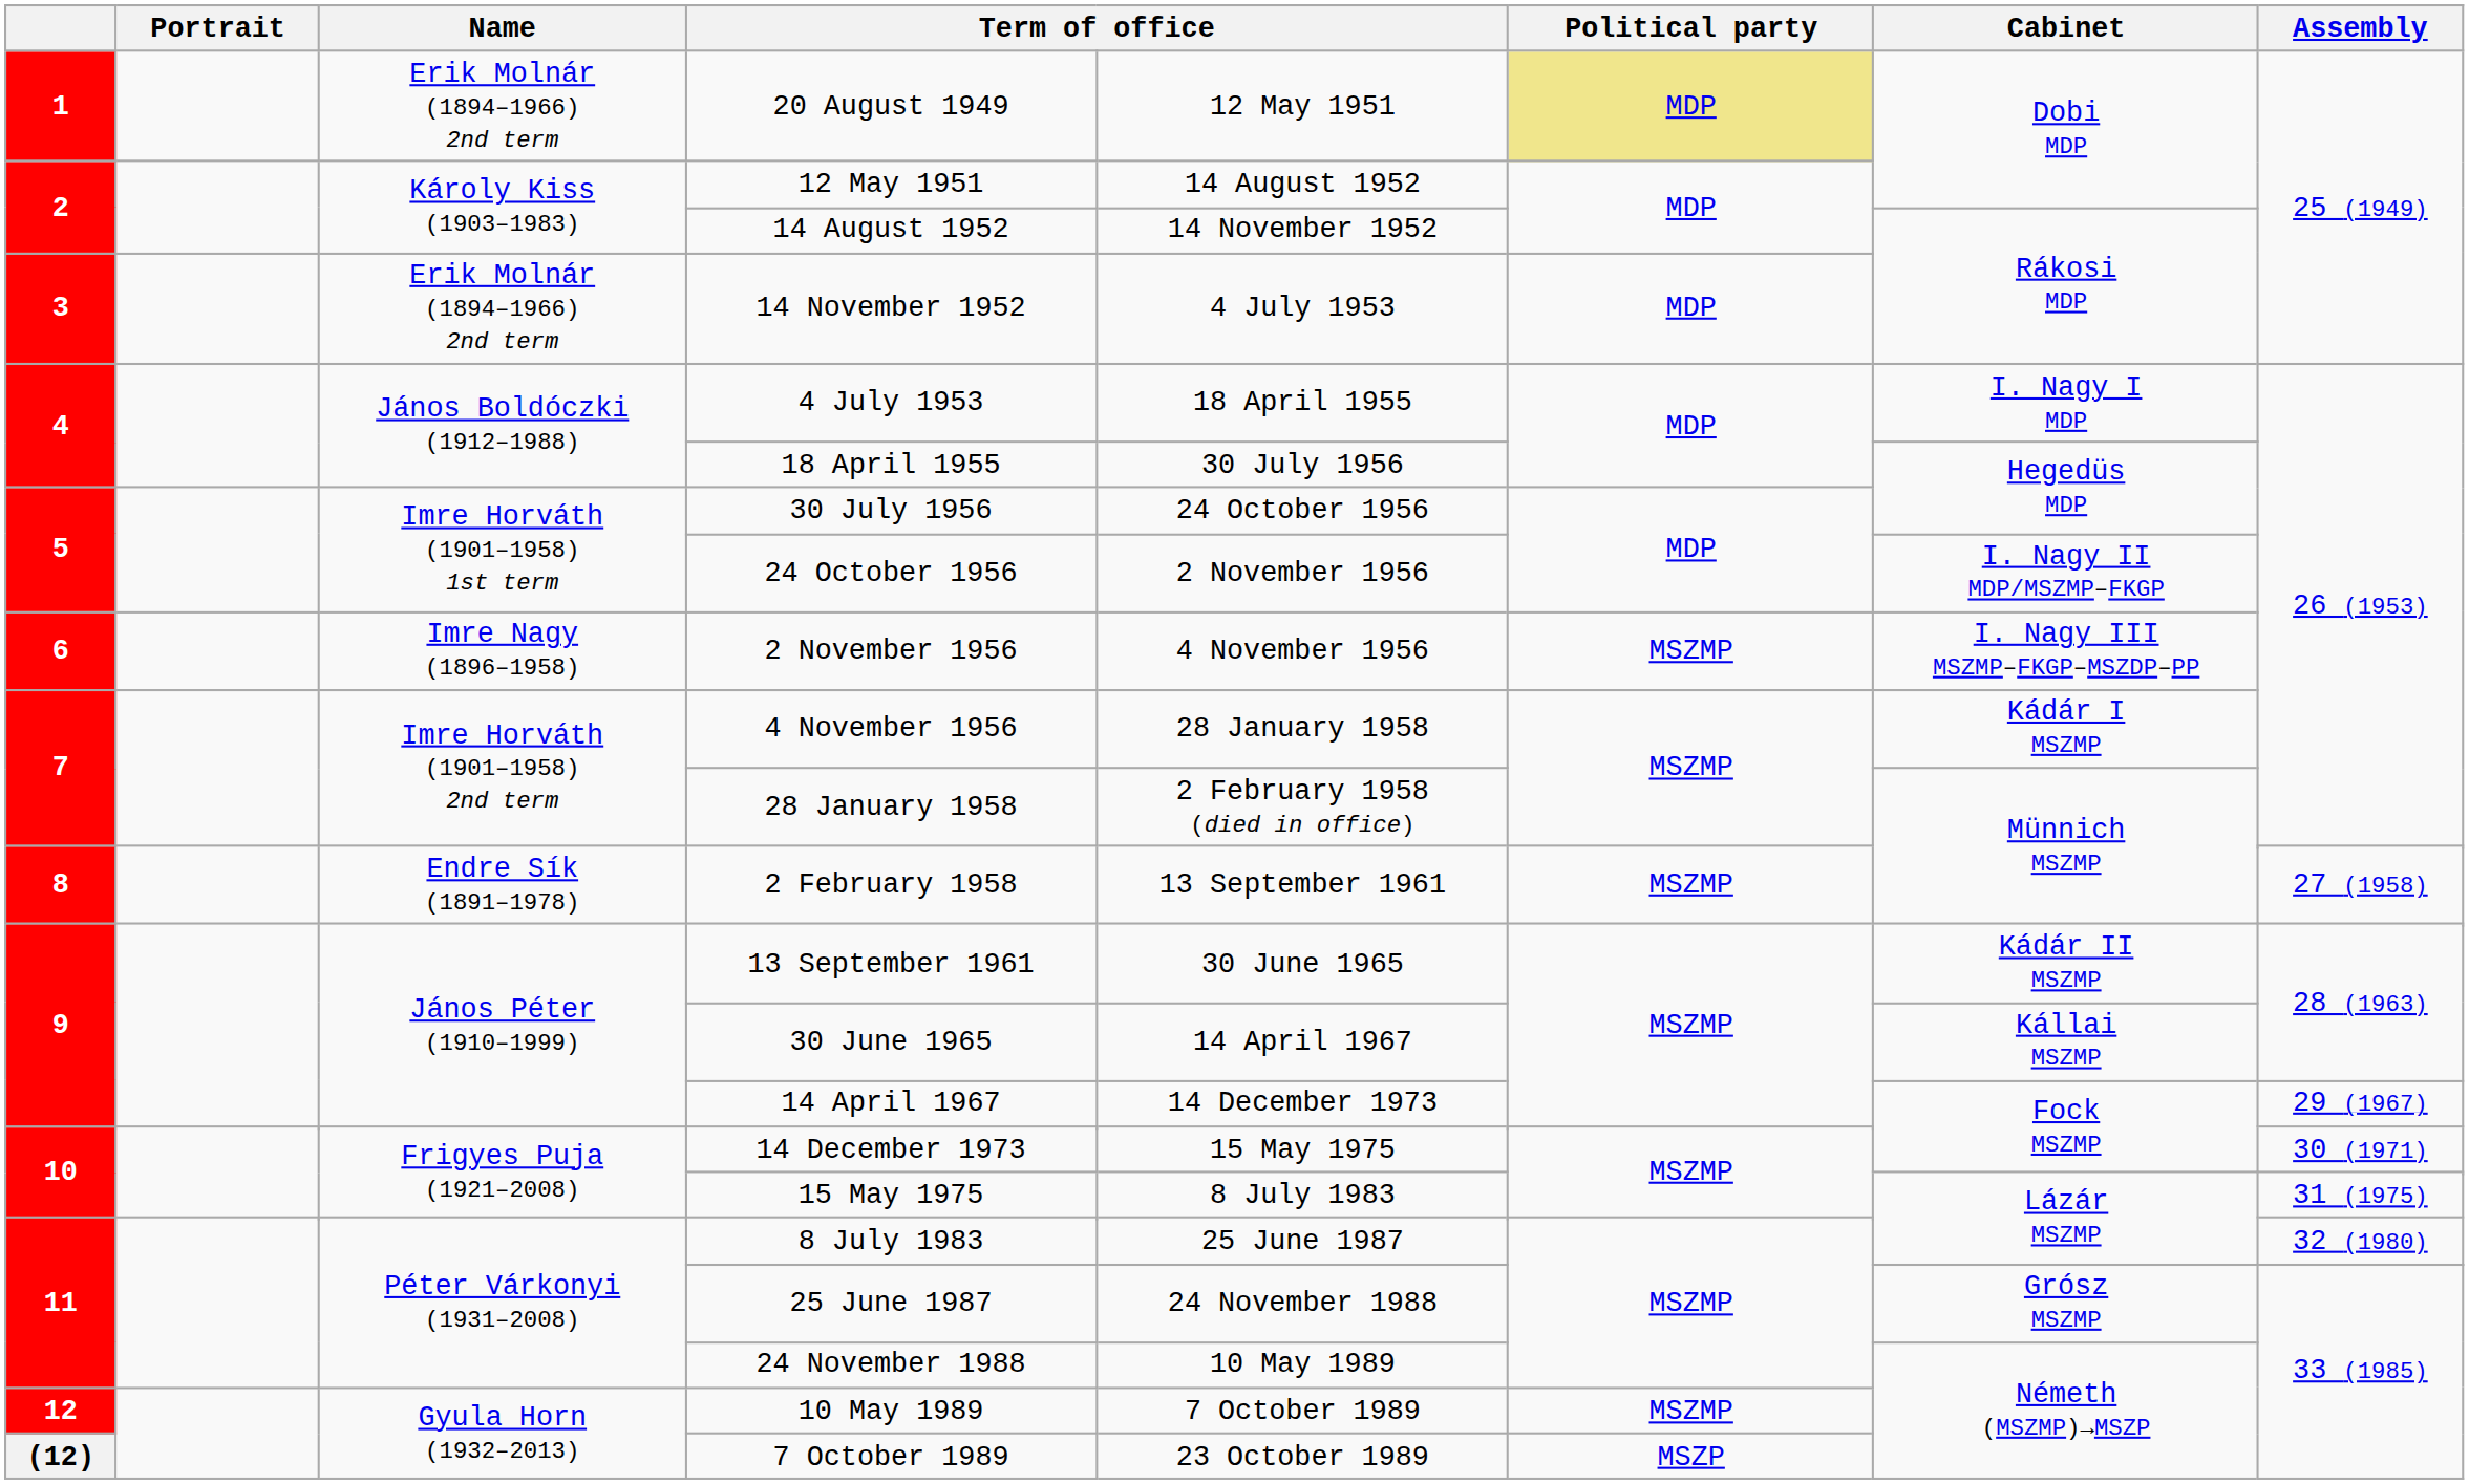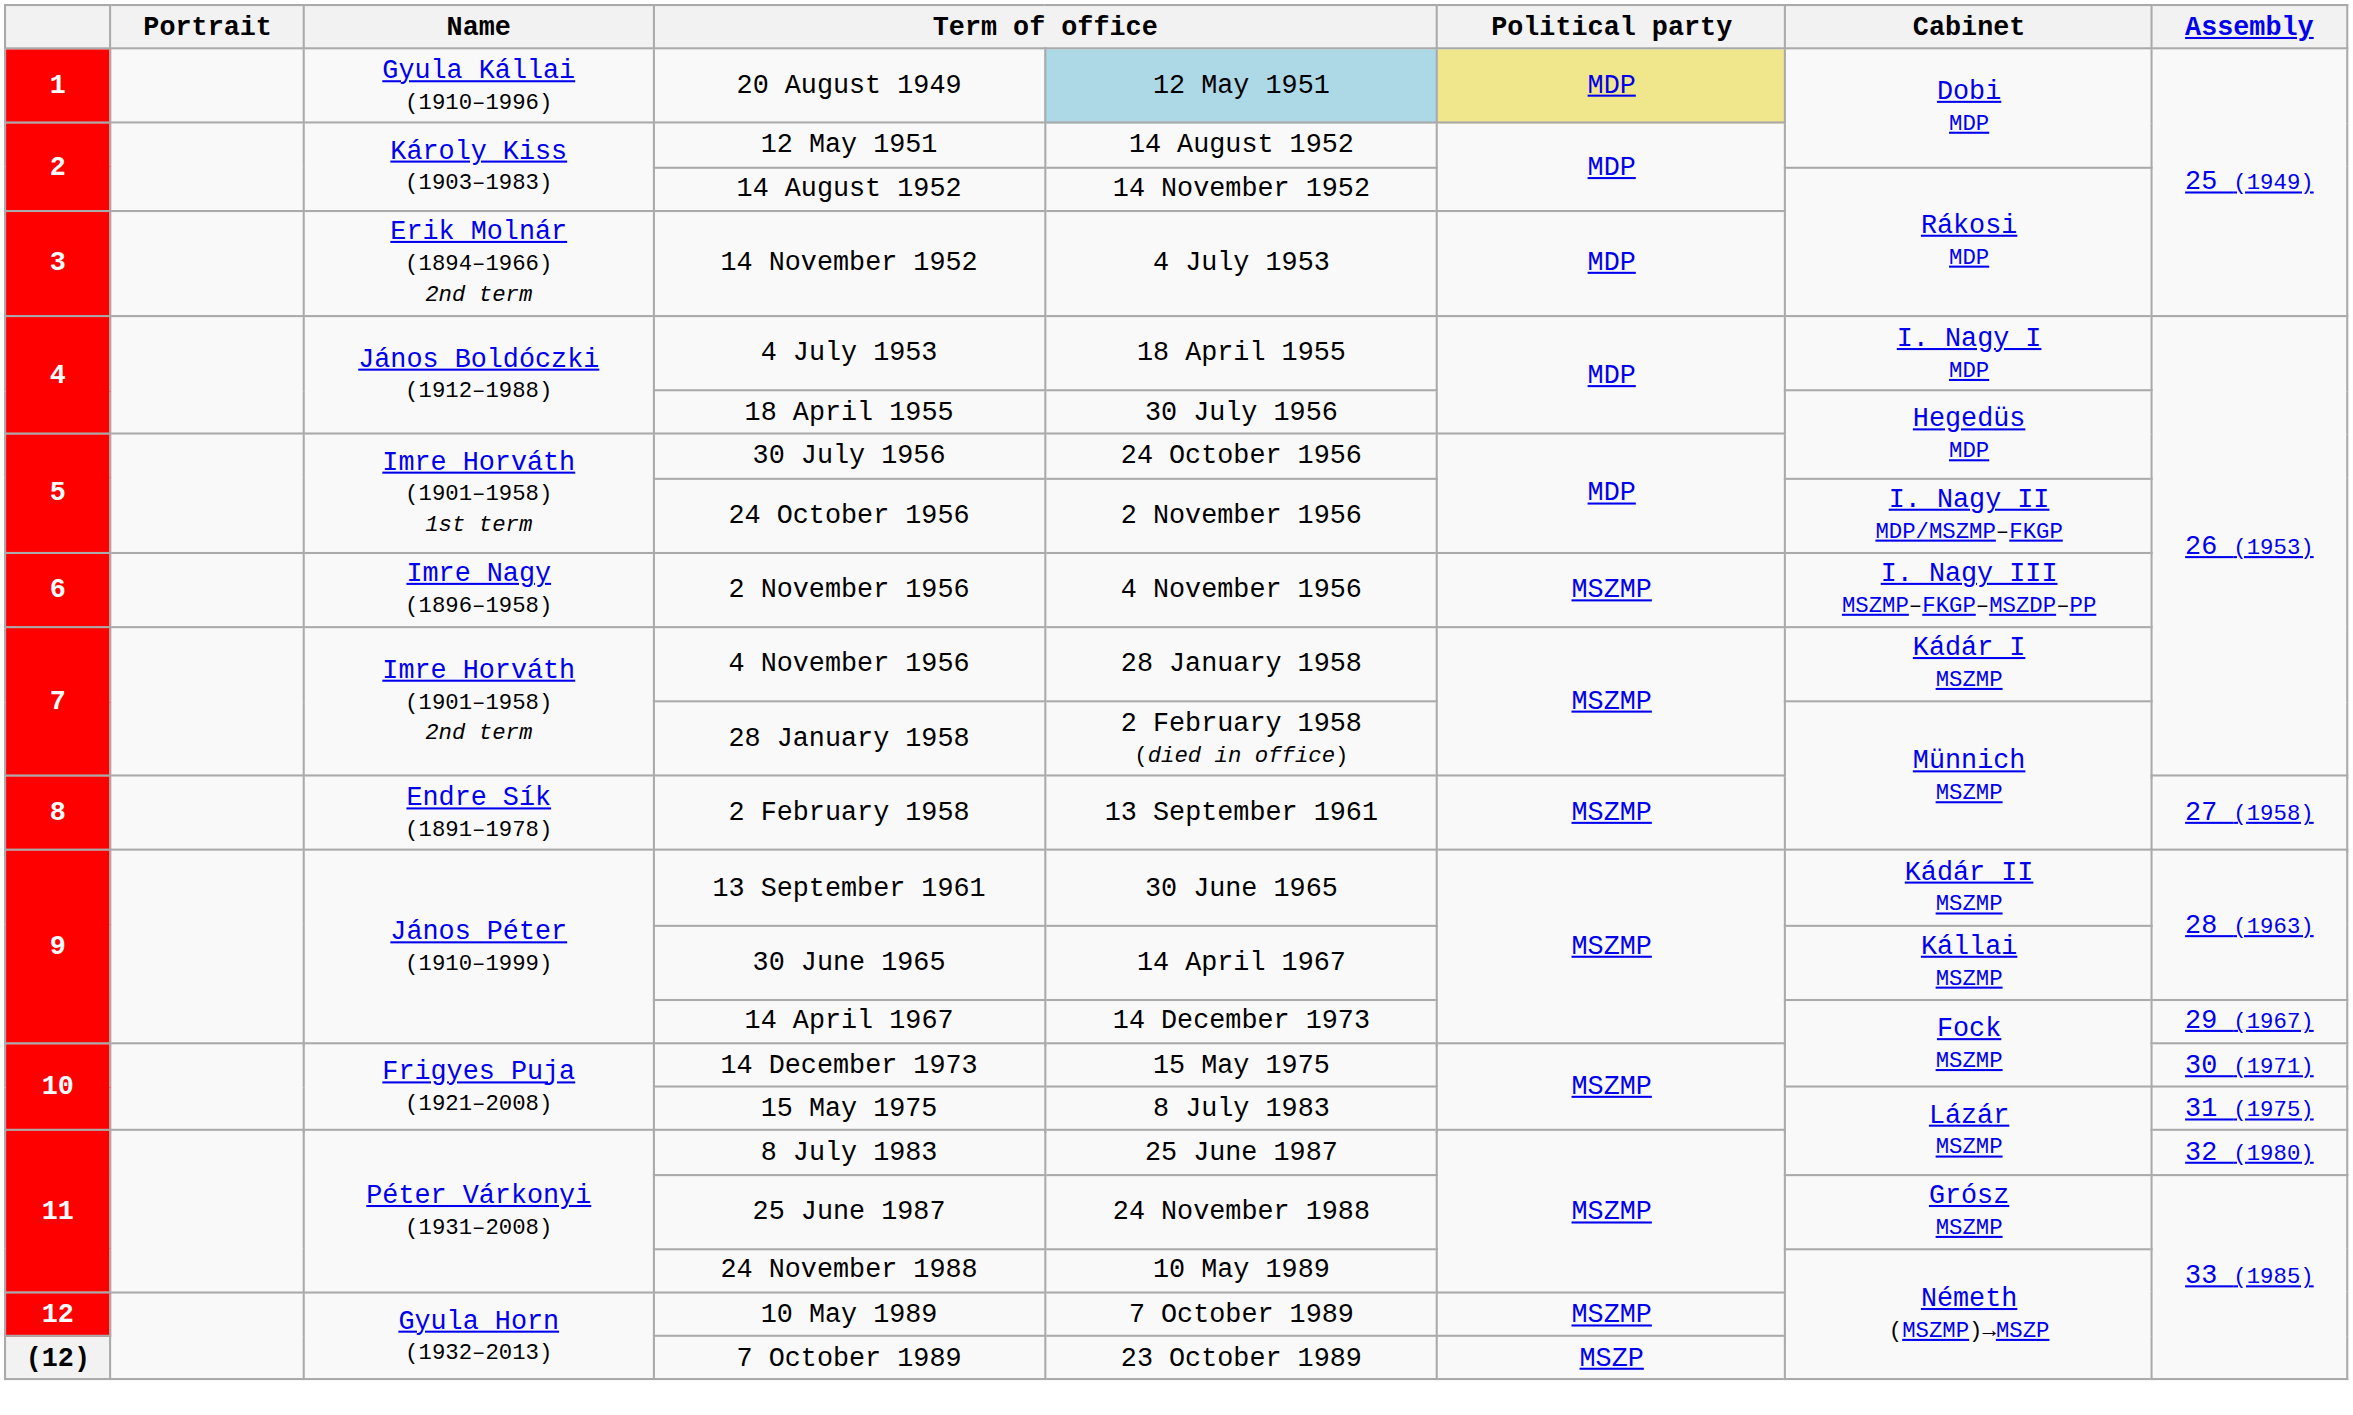 <table class="wikitable" style="width:90%; text-align:center;">
 <tr>
 <th></th>
 <th>Portrait</th>
 <th>Name<br></th>
 <th colspan=2>Term of office</th>
 <th>Political party</th>
 <th>Cabinet</th>
 <th><a href='#'>Assembly</a><br></th>
 </tr>
 <tr>
 <th style="background:Red; color:white">1</th>
 <td></td>
-<td><a href='#'>Erik Molnár</a><br><small>(1894–1966)<br><em>2nd term</em></small></td>
+<td><a href='#'>Gyula Kállai</a><br><small>(1910–1996)</small></td>
 <td>20 August 1949</td>
-<td>12 May 1951</td>
+<td style="background: lightblue;">12 May 1951</td>
 <td style="background: khaki;"><a href='#'>MDP</a></td>
 <td rowspan="2"><a href='#'>Dobi</a><br><small><a href='#'>MDP</a></small></td>
 <td rowspan="4"><a href='#'>25 <small>(1949)</small></a></td>
 </tr>
 <tr>
 <th rowspan="2" style="background:Red; color:white">2</th>
 <td rowspan="2"></td>
 <td rowspan="2"><a href='#'>Károly Kiss</a><br><small>(1903–1983)</small></td>
 <td>12 May 1951</td>
 <td>14 August 1952</td>
 <td rowspan="2"><a href='#'>MDP</a></td>
 </tr>
 <tr>
 <td>14 August 1952</td>
 <td>14 November 1952</td>
 <td rowspan="2"><a href='#'>Rákosi</a><br><small><a href='#'>MDP</a></small></td>
 </tr>
 <tr>
 <th style="background:Red; color:white">3</th>
 <td></td>
 <td><a href='#'>Erik Molnár</a><br><small>(1894–1966)<br><em>2nd term</em></small></td>
 <td>14 November 1952</td>
 <td>4 July 1953</td>
 <td><a href='#'>MDP</a></td>
 </tr>
 <tr>
 <th rowspan="2" style="background:Red; color:white">4</th>
 <td rowspan="2"></td>
 <td rowspan="2"><a href='#'>János Boldóczki</a><br><small>(1912–1988)</small></td>
 <td>4 July 1953</td>
 <td>18 April 1955</td>
 <td rowspan="2"><a href='#'>MDP</a></td>
 <td><a href='#'>I. Nagy I</a><br><small><a href='#'>MDP</a></small></td>
 <td rowspan="8"><a href='#'>26 <small>(1953)</small></a></td>
 </tr>
 <tr>
 <td>18 April 1955</td>
 <td>30 July 1956</td>
 <td rowspan="2"><a href='#'>Hegedüs</a><br><small><a href='#'>MDP</a></small></td>
 </tr>
 <tr>
 <th rowspan="2" style="background:Red; color:white">5</th>
 <td rowspan="2"></td>
 <td rowspan="2"><a href='#'>Imre Horváth</a><br><small>(1901–1958)<br><em>1st term</em></small></td>
 <td>30 July 1956</td>
 <td>24 October 1956</td>
 <td rowspan="2"><a href='#'>MDP</a></td>
 </tr>
 <tr>
 <td>24 October 1956</td>
 <td>2 November 1956</td>
 <td><a href='#'>I. Nagy II</a><br><small><a href='#'>MDP/MSZMP</a>–<a href='#'>FKGP</a></small></td>
 </tr>
 <tr>
 <th style="background:Red; color:white">6</th>
 <td></td>
 <td><a href='#'>Imre Nagy</a><br><small>(1896–1958)</small></td>
 <td>2 November 1956</td>
 <td>4 November 1956</td>
 <td><a href='#'>MSZMP</a></td>
 <td><a href='#'>I. Nagy III</a><br><small><a href='#'>MSZMP</a>–<a href='#'>FKGP</a>–<a href='#'>MSZDP</a>–<a href='#'>PP</a></small></td>
 </tr>
 <tr>
 <th rowspan="2" style="background:Red; color:white">7</th>
 <td rowspan="2"></td>
 <td rowspan="2"><a href='#'>Imre Horváth</a><br><small>(1901–1958)<br><em>2nd term</em></small></td>
 <td>4 November 1956</td>
 <td>28 January 1958</td>
 <td rowspan="2"><a href='#'>MSZMP</a></td>
 <td><a href='#'>Kádár I</a><br><small><a href='#'>MSZMP</a></small></td>
 </tr>
 <tr>
 <td>28 January 1958</td>
 <td>2 February 1958<br><small>(<em>died in office</em>)</small></td>
 <td rowspan="3"><a href='#'>Münnich</a><br><small><a href='#'>MSZMP</a></small></td>
 </tr>
 <tr>
 <th rowspan="2" style="background:Red; color:white">8</th>
 <td rowspan="2"></td>
 <td rowspan="2"><a href='#'>Endre Sík</a><br><small>(1891–1978)</small></td>
 <td rowspan="2">2 February 1958</td>
 <td rowspan="2">13 September 1961</td>
 <td rowspan="2"><a href='#'>MSZMP</a></td>
 </tr>
 <tr>
 <td rowspan="2"><a href='#'>27 <small>(1958)</small></a></td>
 </tr>
 <tr>
 <th rowspan="5" style="background:Red; color:white">9</th>
 <td rowspan="5"></td>
 <td rowspan="5"><a href='#'>János Péter</a><br><small>(1910–1999)</small></td>
 <td rowspan="2">13 September 1961</td>
 <td rowspan="2">30 June 1965</td>
 <td rowspan="5"><a href='#'>MSZMP</a></td>
 <td rowspan="2"><a href='#'>Kádár II</a><br><small><a href='#'>MSZMP</a></small></td>
 </tr>
 <tr>
 <td rowspan="2"><a href='#'>28 <small>(1963)</small></a></td>
 </tr>
 <tr>
 <td>30 June 1965</td>
 <td>14 April 1967</td>
 <td><a href='#'>Kállai</a><br><small><a href='#'>MSZMP</a></small></td>
 </tr>
 <tr>
 <td rowspan="2">14 April 1967</td>
 <td rowspan="2">14 December 1973</td>
 <td rowspan="3"><a href='#'>Fock</a><br><small><a href='#'>MSZMP</a></small></td>
 <td><a href='#'>29 <small>(1967)</small></a></td>
 </tr>
 <tr>
 <td rowspan="3"><a href='#'>30 <small>(1971)</small></a></td>
 </tr>
 <tr>
 <th rowspan="4" style="background:Red; color:white">10</th>
 <td rowspan="4"></td>
 <td rowspan="4"><a href='#'>Frigyes Puja</a><br><small>(1921–2008)</small></td>
 <td>14 December 1973</td>
 <td>15 May 1975</td>
 <td rowspan="4"><a href='#'>MSZMP</a></td>
 </tr>
 <tr>
 <td rowspan="3">15 May 1975</td>
 <td rowspan="3">8 July 1983</td>
 <td rowspan="5"><a href='#'>Lázár</a><br><small><a href='#'>MSZMP</a></small></td>
 </tr>
 <tr>
 <td><a href='#'>31 <small>(1975)</small></a></td>
 </tr>
 <tr>
 <td rowspan="2"><a href='#'>32 <small>(1980)</small></a></td>
 </tr>
 <tr>
 <th rowspan="4" style="background:Red; color:white">11</th>
 <td rowspan="4"></td>
 <td rowspan="4"><a href='#'>Péter Várkonyi</a><br><small>(1931–2008)</small></td>
 <td rowspan="2">8 July 1983</td>
 <td rowspan="2">25 June 1987</td>
 <td rowspan="4"><a href='#'>MSZMP</a></td>
 </tr>
 <tr>
 <td rowspan="5"><a href='#'>33 <small>(1985)</small></a></td>
 </tr>
 <tr>
 <td>25 June 1987</td>
 <td>24 November 1988</td>
 <td><a href='#'>Grósz</a><br><small><a href='#'>MSZMP</a></small></td>
 </tr>
 <tr>
 <td>24 November 1988</td>
 <td>10 May 1989</td>
 <td rowspan="3"><a href='#'>Németh</a><br><small>(<a href='#'>MSZMP</a>)→<a href='#'>MSZP</a></small></td>
 </tr>
 <tr>
 <th style="background:Red; color:white">12</th>
 <td rowspan=2></td>
 <td rowspan=2><a href='#'>Gyula Horn</a><br><small>(1932–2013)</small></td>
 <td>10 May 1989</td>
 <td>7 October 1989</td>
 <td><a href='#'>MSZMP</a></td>
 </tr>
 <tr>
 <th style="background:">(12)</th>
 <td>7 October 1989</td>
 <td>23 October 1989</td>
 <td><a href='#'>MSZP</a></td>
 </tr>
 </table>
